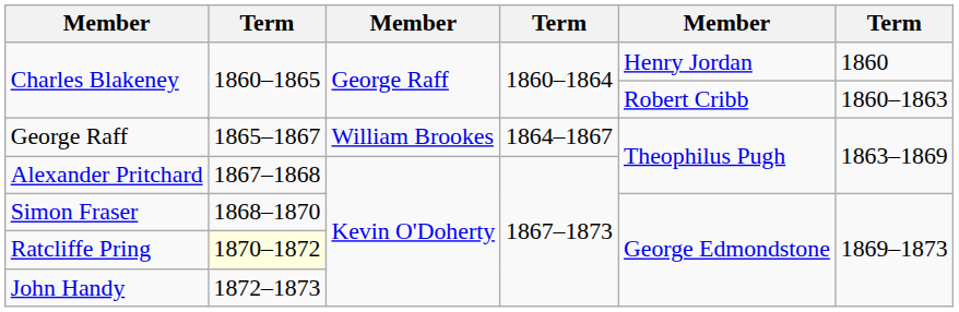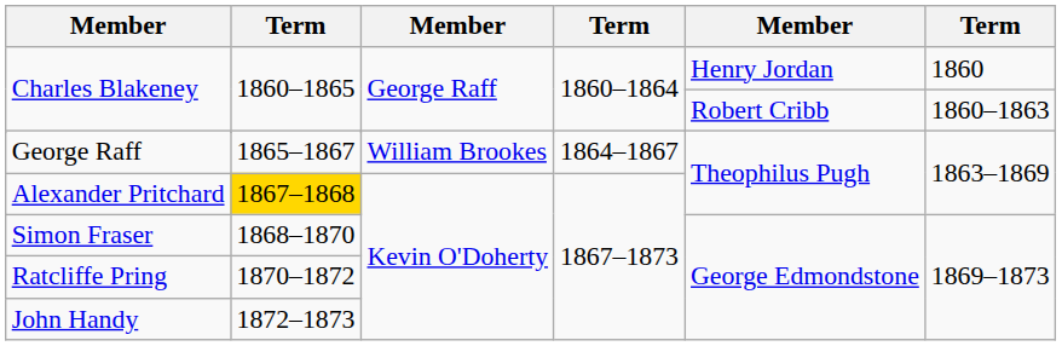 <table class="wikitable">
 <tr>
 <th>Member</th>
 <th>Term</th>
 <th>Member</th>
 <th>Term</th>
 <th>Member</th>
 <th>Term</th>
 </tr>
 <tr>
 <td rowspan="4"><a href='#'>Charles Blakeney</a></td>
 <td rowspan="4">1860–1865</td>
 <td rowspan="3"><a href='#'>George Raff</a></td>
 <td rowspan="3">1860–1864</td>
 <td><a href='#'>Henry Jordan</a></td>
 <td>1860</td>
 </tr>
 <tr>
 <td><a href='#'>Robert Cribb</a></td>
 <td>1860–1863</td>
 </tr>
 <tr>
 <td rowspan="5"><a href='#'>Theophilus Pugh</a></td>
 <td rowspan="5">1863–1869</td>
 </tr>
 <tr>
 <td rowspan="2"><a href='#'>William Brookes</a></td>
 <td rowspan="2">1864–1867</td>
 </tr>
 <tr>
 <td>George Raff</td>
 <td>1865–1867</td>
 </tr>
 <tr>
 <td><a href='#'>Alexander Pritchard</a></td>
-<td>1867–1868</td>
+<td style="background: gold;">1867–1868</td>
 <td rowspan="5"><a href='#'>Kevin O'Doherty</a></td>
 <td rowspan="5">1867–1873</td>
 </tr>
 <tr>
 <td rowspan="2"><a href='#'>Simon Fraser</a></td>
 <td rowspan="2">1868–1870</td>
 </tr>
 <tr>
 <td rowspan="3"><a href='#'>George Edmondstone</a></td>
 <td rowspan="3">1869–1873</td>
 </tr>
 <tr>
 <td><a href='#'>Ratcliffe Pring</a></td>
-<td style="background: lightyellow;">1870–1872</td>
+<td>1870–1872</td>
 </tr>
 <tr>
 <td><a href='#'>John Handy</a></td>
 <td>1872–1873</td>
 </tr>
 </table>
